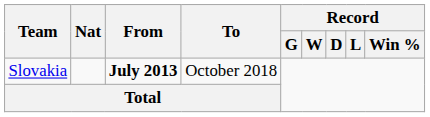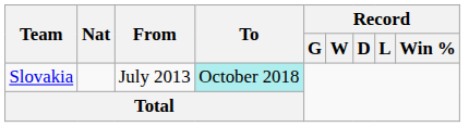 <table class="wikitable" style="text-align: center">
 <tr>
 <th rowspan="2">Team</th>
 <th rowspan="2">Nat</th>
 <th rowspan="2">From</th>
 <th rowspan="2">To</th>
 <th colspan="5">Record</th>
 </tr>
 <tr>
 <th>G</th>
 <th>W</th>
 <th>D</th>
 <th>L</th>
 <th>Win %</th>
 </tr>
 <tr>
 <td align=left><a href='#'>Slovakia</a></td>
 <td></td>
-<td align=left><strong>July 2013</strong></td>
-<td align=left>October 2018<br></td>
+<td align=left>July 2013</td>
+<td align=left style="background: paleturquoise;">October 2018<br></td>
 </tr>
 <tr>
 <th colspan="4">Total<br></th>
 </tr>
 </table>
